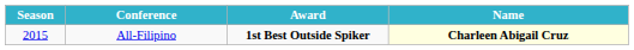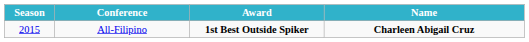 <table class="wikitable">
 <tr>
 <th width=70px style="background:#30B2CA; color:white; text-align: center"><strong>Season</strong></th>
 <th width=200px style="background:#30B2CA; color:white; text-align: center"><strong>Conference</strong></th>
 <th width=200px style="background:#30B2CA; color:white; text-align: center"><strong>Award</strong></th>
 <th width=300px style="background:#30B2CA; color:white; text-align: center"><strong>Name</strong></th>
 </tr>
 <tr align=center>
 <td><a href='#'>2015</a></td>
 <td><a href='#'>All-Filipino</a></td>
 <td><strong>1st Best Outside Spiker</strong></td>
-<td style="background: lightyellow;"><strong>Charleen Abigail Cruz</strong></td>
+<td><strong>Charleen Abigail Cruz</strong></td>
 </tr>
 </table>
